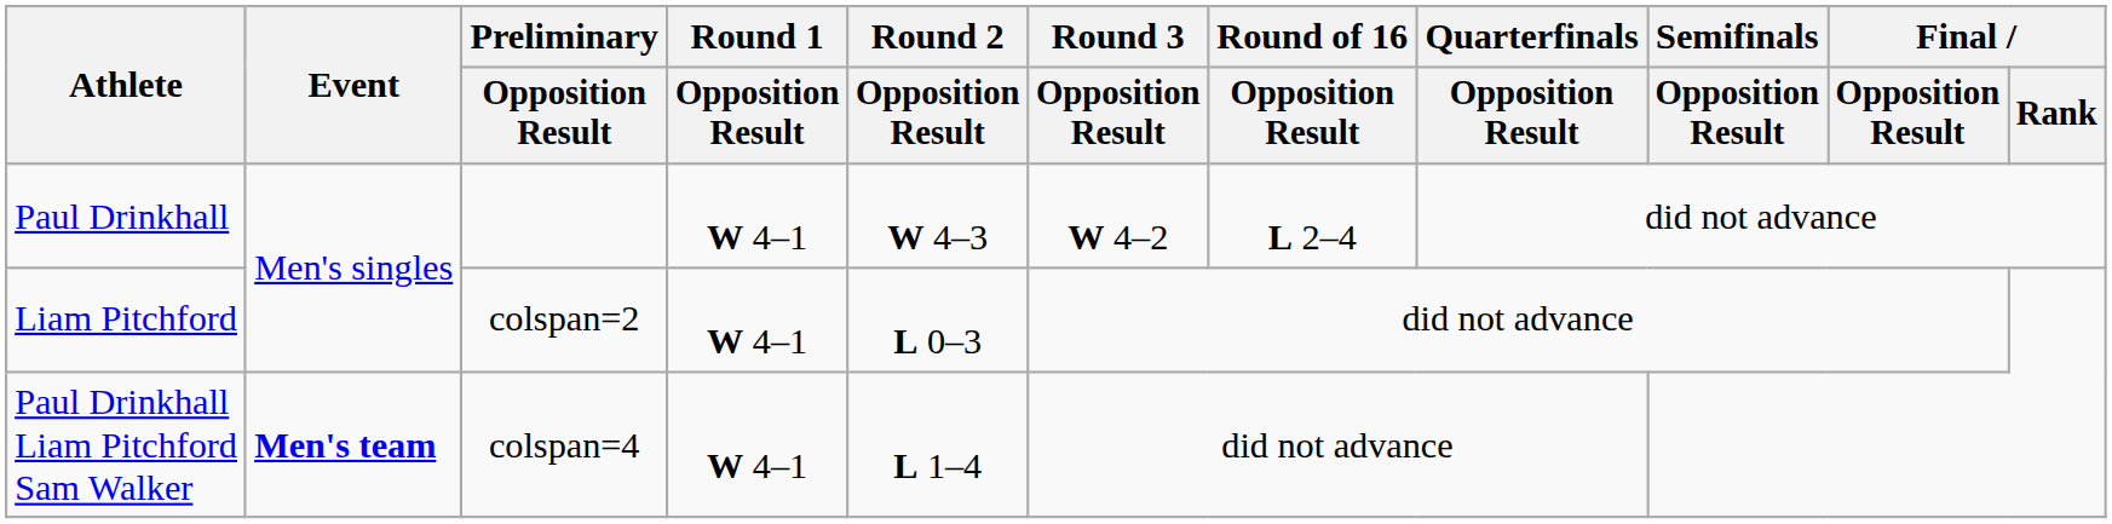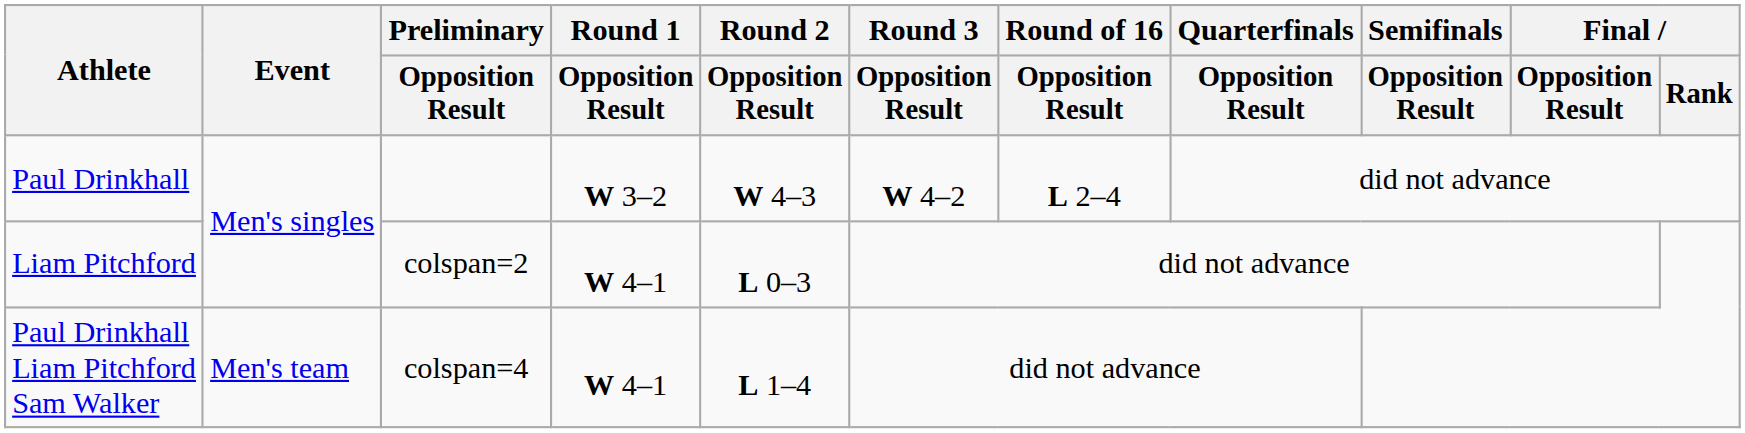 <table class="wikitable" style="font-size:90%;">
 <tr>
 <th rowspan=2>Athlete</th>
 <th rowspan=2>Event</th>
 <th>Preliminary</th>
 <th>Round 1</th>
 <th>Round 2</th>
 <th>Round 3</th>
 <th>Round of 16</th>
 <th>Quarterfinals</th>
 <th>Semifinals</th>
 <th colspan=2>Final / </th>
 </tr>
 <tr style="font-size:95%">
 <th>Opposition<br>Result</th>
 <th>Opposition<br>Result</th>
 <th>Opposition<br>Result</th>
 <th>Opposition<br>Result</th>
 <th>Opposition<br>Result</th>
 <th>Opposition<br>Result</th>
 <th>Opposition<br>Result</th>
 <th>Opposition<br>Result</th>
 <th>Rank</th>
 </tr>
 <tr align=center>
 <td align=left><a href='#'>Paul Drinkhall</a></td>
 <td align=left rowspan=2><a href='#'>Men's singles</a></td>
 <td></td>
-<td><br><strong>W</strong> 4–1</td>
+<td><br><strong>W</strong> 3–2</td>
 <td><br><strong>W</strong> 4–3</td>
 <td><br><strong>W</strong> 4–2</td>
 <td><br><strong>L</strong> 2–4</td>
 <td colspan=4>did not advance</td>
 </tr>
 <tr align=center>
 <td align=left><a href='#'>Liam Pitchford</a></td>
 <td>colspan=2 </td>
 <td><br><strong>W</strong> 4–1</td>
 <td><br><strong>L</strong> 0–3</td>
 <td colspan=5>did not advance</td>
 </tr>
 <tr align=center>
 <td align=left><a href='#'>Paul Drinkhall</a><br><a href='#'>Liam Pitchford</a><br><a href='#'>Sam Walker</a></td>
-<td align=left><strong><a href='#'>Men's team</a></strong></td>
+<td align=left><a href='#'>Men's team</a></td>
 <td>colspan=4 </td>
 <td><br><strong>W</strong> 4–1</td>
 <td><br><strong>L</strong> 1–4</td>
 <td colspan=3>did not advance</td>
 </tr>
 </table>
